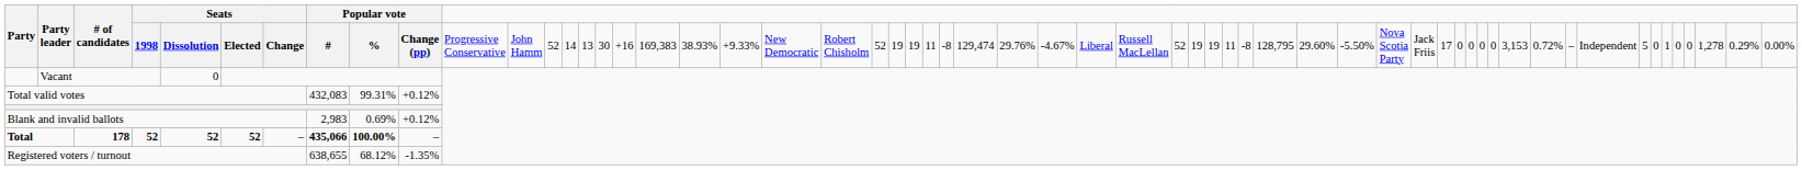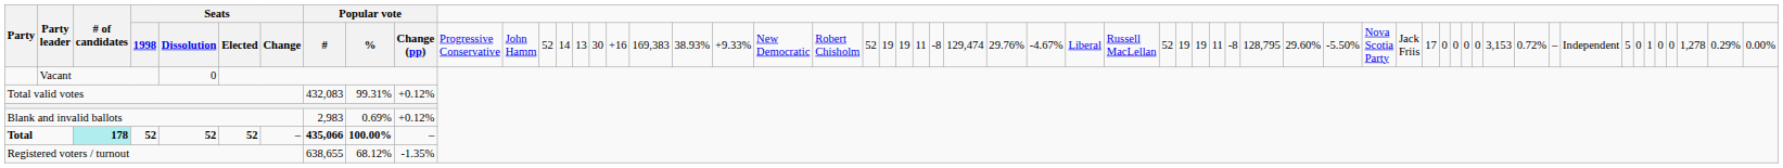 <table class="wikitable">
 <tr>
 <th rowspan="2" colspan="2">Party</th>
 <th rowspan="2">Party leader</th>
 <th rowspan="2"># of<br>candidates</th>
 <th colspan="4">Seats</th>
 <th colspan="3">Popular vote</th>
 </tr>
 <tr>
 <th><a href='#'>1998</a></th>
 <th><span><a href='#'>Dissolution</a></span></th>
 <th>Elected</th>
 <th>Change</th>
 <th>#</th>
 <th>%</th>
 <th>Change (<a href='#'>pp</a>)<br></th>
 <td><a href='#'>Progressive Conservative</a></td>
 <td><a href='#'>John Hamm</a></td>
 <td align="right">52</td>
 <td align="right">14</td>
 <td align="right">13</td>
 <td align="right">30</td>
 <td align="right">+16</td>
 <td align="right">169,383</td>
 <td align="right">38.93%</td>
 <td align="right">+9.33%<br></td>
 <td><a href='#'>New Democratic</a></td>
 <td><a href='#'>Robert Chisholm</a></td>
 <td align="right">52</td>
 <td align="right">19</td>
 <td align="right">19</td>
 <td align="right">11</td>
 <td align="right">-8</td>
 <td align="right">129,474</td>
 <td align="right">29.76%</td>
 <td align="right">-4.67%<br></td>
 <td><a href='#'>Liberal</a></td>
 <td><a href='#'>Russell MacLellan</a></td>
 <td align="right">52</td>
 <td align="right">19</td>
 <td align="right">19</td>
 <td align="right">11</td>
 <td align="right">-8</td>
 <td align="right">128,795</td>
 <td align="right">29.60%</td>
 <td align="right">-5.50%<br></td>
 <td><a href='#'>Nova Scotia Party</a></td>
 <td>Jack Friis</td>
 <td align="right">17</td>
 <td align="right">0</td>
 <td align="right">0</td>
 <td align="right">0</td>
 <td align="right">0</td>
 <td align="right">3,153</td>
 <td align="right">0.72%</td>
 <td align="right">–<br></td>
 <td colspan=2>Independent</td>
 <td align="right">5</td>
 <td align="right">0</td>
 <td align="right">1</td>
 <td align="right">0</td>
 <td align="right">0</td>
 <td align="right">1,278</td>
 <td align="right">0.29%</td>
 <td align="right">0.00%</td>
 </tr>
 <tr>
 <td> </td>
 <td colspan=4>Vacant</td>
 <td align="right">0</td>
 <td colspan=5> </td>
 </tr>
 <tr>
 <td colspan="8">Total valid votes</td>
 <td align="right">432,083</td>
 <td align="right">99.31%</td>
 <td align="right">+0.12%</td>
 </tr>
 <tr>
 <th colspan="11"></th>
 </tr>
 <tr>
 <td colspan="8">Blank and invalid ballots</td>
 <td align="right">2,983</td>
 <td align="right">0.69%</td>
 <td align="right">+0.12%</td>
 </tr>
 <tr>
 <td colspan=3><strong>Total</strong></td>
-<td align="right"><strong>178</strong></td>
+<td align="right" style="background: paleturquoise;"><strong>178</strong></td>
 <td align="right"><strong>52</strong></td>
 <td align="right"><strong>52</strong></td>
 <td align="right"><strong>52</strong></td>
 <td align="right">–</td>
 <td align="right"><strong>435,066</strong></td>
 <td align="right"><strong>100.00%</strong></td>
 <td align="right">–</td>
 </tr>
 <tr>
 <td colspan="8">Registered voters / turnout</td>
 <td align="right">638,655</td>
 <td align="right">68.12%</td>
 <td align="right">-1.35%</td>
 </tr>
 </table>
